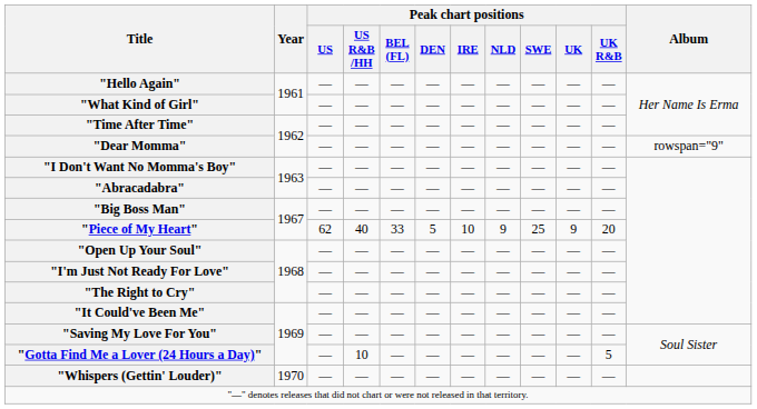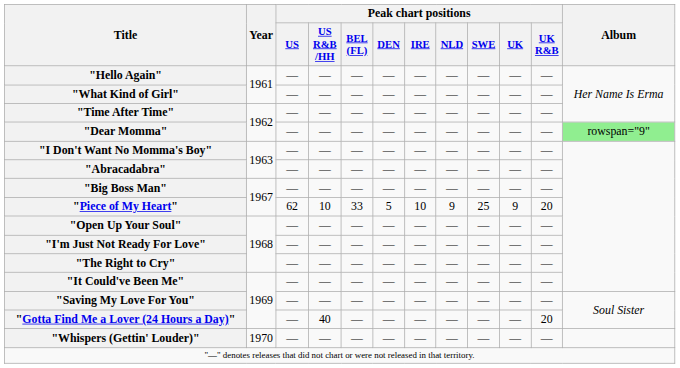 <table class="wikitable plainrowheaders" style="text-align:center;" border="1">
 <tr>
 <th scope="col" rowspan="2" style="width:20em;">Title</th>
 <th scope="col" rowspan="2">Year</th>
 <th scope="col" colspan="9">Peak chart positions</th>
 <th scope="col" rowspan="2" style="width:9em;">Album</th>
 </tr>
 <tr>
 <th scope="col" style="width:2.6em; font-size:90%;"><a href='#'>US</a><br></th>
 <th scope="col" style="width:2.6em; font-size:90%;"><a href='#'>US<br>R&B<br>/HH</a><br></th>
 <th scope="col" style="width:2.5em; font-size:90%;"><a href='#'>BEL<br>(FL)</a><br></th>
 <th scope="col" style="width:2.5em; font-size:90%;"><a href='#'>DEN</a><br></th>
 <th scope="col" style="width:2.5em; font-size:90%;"><a href='#'>IRE</a><br></th>
 <th scope="col" style="width:2.5em; font-size:90%;"><a href='#'>NLD</a><br></th>
 <th scope="col" style="width:2.5em; font-size:90%;"><a href='#'>SWE</a><br></th>
 <th scope="col" style="width:2.5em; font-size:90%;"><a href='#'>UK</a><br></th>
 <th scope="col" style="width:2.5em; font-size:90%;"><a href='#'>UK R&B</a><br></th>
 </tr>
 <tr>
 <th scope="row">"Hello Again"</th>
 <td rowspan="2">1961</td>
 <td>—</td>
 <td>—</td>
 <td>—</td>
 <td>—</td>
 <td>—</td>
 <td>—</td>
 <td>—</td>
 <td>—</td>
 <td>—</td>
 <td rowspan="3"><em>Her Name Is Erma</em></td>
 </tr>
 <tr>
 <th scope="row">"What Kind of Girl"</th>
 <td>—</td>
 <td>—</td>
 <td>—</td>
 <td>—</td>
 <td>—</td>
 <td>—</td>
 <td>—</td>
 <td>—</td>
 <td>—</td>
 </tr>
 <tr>
 <th scope="row">"Time After Time"</th>
 <td rowspan="2">1962</td>
 <td>—</td>
 <td>—</td>
 <td>—</td>
 <td>—</td>
 <td>—</td>
 <td>—</td>
 <td>—</td>
 <td>—</td>
 <td>—</td>
 </tr>
 <tr>
 <th scope="row">"Dear Momma"</th>
 <td>—</td>
 <td>—</td>
 <td>—</td>
 <td>—</td>
 <td>—</td>
 <td>—</td>
 <td>—</td>
 <td>—</td>
 <td>—</td>
-<td>rowspan="9" </td>
+<td style="background: lightgreen;">rowspan="9" </td>
 </tr>
 <tr>
 <th scope="row">"I Don't Want No Momma's Boy"</th>
 <td rowspan="2">1963</td>
 <td>—</td>
 <td>—</td>
 <td>—</td>
 <td>—</td>
 <td>—</td>
 <td>—</td>
 <td>—</td>
 <td>—</td>
 <td>—</td>
 </tr>
 <tr>
 <th scope="row">"Abracadabra"</th>
 <td>—</td>
 <td>—</td>
 <td>—</td>
 <td>—</td>
 <td>—</td>
 <td>—</td>
 <td>—</td>
 <td>—</td>
 <td>—</td>
 </tr>
 <tr>
 <th scope="row">"Big Boss Man"</th>
 <td rowspan="2">1967</td>
 <td>—</td>
 <td>—</td>
 <td>—</td>
 <td>—</td>
 <td>—</td>
 <td>—</td>
 <td>—</td>
 <td>—</td>
 <td>—</td>
 </tr>
 <tr>
 <th scope="row">"<a href='#'>Piece of My Heart</a>"</th>
 <td>62</td>
-<td>40</td>
+<td>10</td>
 <td>33</td>
 <td>5</td>
 <td>10</td>
 <td>9</td>
 <td>25</td>
 <td>9</td>
 <td>20</td>
 </tr>
 <tr>
 <th scope="row">"Open Up Your Soul"</th>
 <td rowspan="3">1968</td>
 <td>—</td>
 <td>—</td>
 <td>—</td>
 <td>—</td>
 <td>—</td>
 <td>—</td>
 <td>—</td>
 <td>—</td>
 <td>—</td>
 </tr>
 <tr>
 <th scope="row">"I'm Just Not Ready For Love"</th>
 <td>—</td>
 <td>—</td>
 <td>—</td>
 <td>—</td>
 <td>—</td>
 <td>—</td>
 <td>—</td>
 <td>—</td>
 <td>—</td>
 </tr>
 <tr>
 <th scope="row">"The Right to Cry"</th>
 <td>—</td>
 <td>—</td>
 <td>—</td>
 <td>—</td>
 <td>—</td>
 <td>—</td>
 <td>—</td>
 <td>—</td>
 <td>—</td>
 </tr>
 <tr>
 <th scope="row">"It Could've Been Me"</th>
 <td rowspan="3">1969</td>
 <td>—</td>
 <td>—</td>
 <td>—</td>
 <td>—</td>
 <td>—</td>
 <td>—</td>
 <td>—</td>
 <td>—</td>
 <td>—</td>
 </tr>
 <tr>
 <th scope="row">"Saving My Love For You"</th>
 <td>—</td>
 <td>—</td>
 <td>—</td>
 <td>—</td>
 <td>—</td>
 <td>—</td>
 <td>—</td>
 <td>—</td>
 <td>—</td>
 <td rowspan="2"><em>Soul Sister</em></td>
 </tr>
 <tr>
 <th scope="row">"<a href='#'>Gotta Find Me a Lover (24 Hours a Day)</a>"</th>
 <td>—</td>
-<td>10</td>
+<td>40</td>
 <td>—</td>
 <td>—</td>
 <td>—</td>
 <td>—</td>
 <td>—</td>
 <td>—</td>
-<td>5</td>
+<td>20</td>
 </tr>
 <tr>
 <th scope="row">"Whispers (Gettin' Louder)"</th>
 <td>1970</td>
 <td>—</td>
 <td>—</td>
 <td>—</td>
 <td>—</td>
 <td>—</td>
 <td>—</td>
 <td>—</td>
 <td>—</td>
 <td>—</td>
 <td></td>
 </tr>
 <tr>
 <td colspan="12" style="text-align:center; font-size:9pt;">"—" denotes releases that did not chart or were not released in that territory.</td>
 </tr>
 </table>
